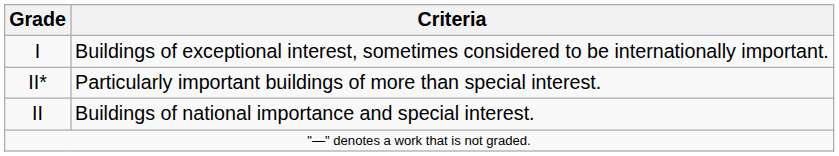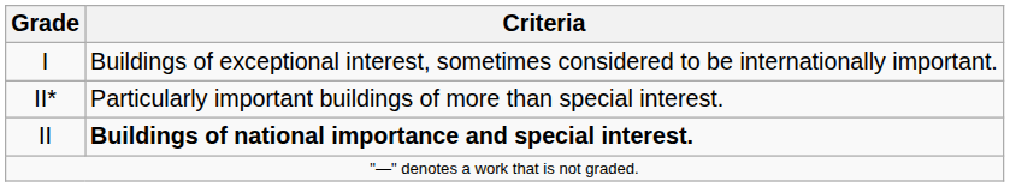 <table class="wikitable" border="1">
 <tr>
 <th>Grade</th>
 <th>Criteria</th>
 </tr>
 <tr>
 <td align="center" >I</td>
 <td>Buildings of exceptional interest, sometimes considered to be internationally important.</td>
 </tr>
 <tr>
 <td align="center" >II*</td>
 <td>Particularly important buildings of more than special interest.</td>
 </tr>
 <tr>
 <td align="center" >II</td>
-<td>Buildings of national importance and special interest.</td>
+<td><strong>Buildings of national importance and special interest.</strong></td>
 </tr>
 <tr>
 <td align="center" colspan="14" style="font-size: 8pt">"—" denotes a work that is not graded.</td>
 </tr>
 </table>
